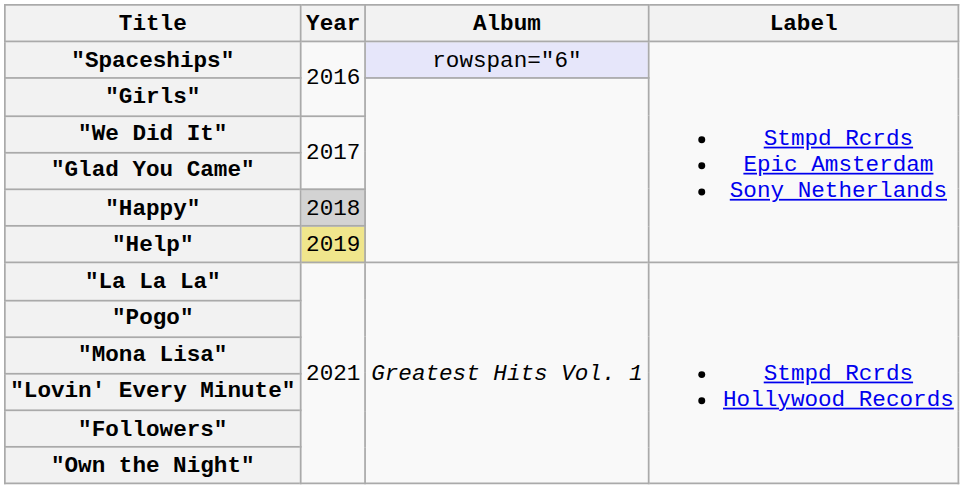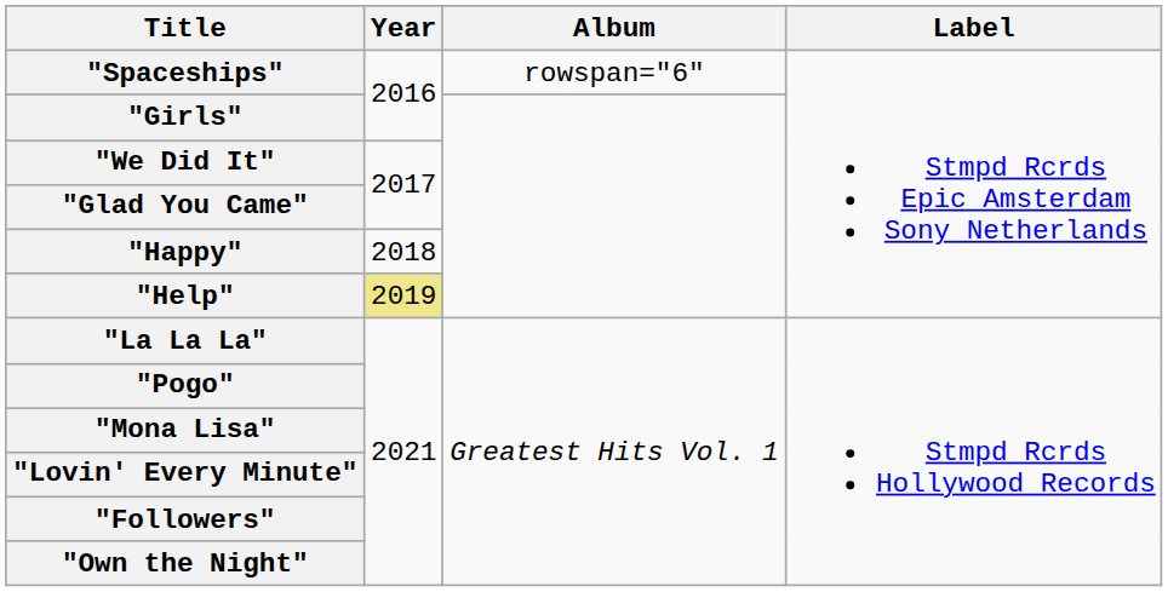 <table class="wikitable plainrowheaders" style="text-align:center;">
 <tr>
 <th scope="col">Title</th>
 <th scope="col">Year</th>
 <th scope="col">Album</th>
 <th>Label</th>
 </tr>
 <tr>
 <th scope="row">"Spaceships"</th>
 <td rowspan="2">2016</td>
-<td style="background: lavender;">rowspan="6" </td>
+<td>rowspan="6" </td>
 <td rowspan="6"><br><ul><li><a href='#'>Stmpd Rcrds</a></li><li><a href='#'>Epic Amsterdam</a></li><li><a href='#'>Sony Netherlands</a></li></ul></td>
 </tr>
 <tr>
 <th scope="row">"Girls"</th>
 </tr>
 <tr>
 <th scope="row">"We Did It"</th>
 <td rowspan="2">2017</td>
 </tr>
 <tr>
 <th scope="row">"Glad You Came"</th>
 </tr>
 <tr>
 <th scope="row">"Happy"</th>
-<td style="background: lightgrey;">2018</td>
+<td>2018</td>
 </tr>
 <tr>
 <th scope="row">"Help"</th>
 <td style="background: khaki;">2019</td>
 </tr>
 <tr>
 <th scope="row">"La La La"</th>
 <td rowspan="6">2021</td>
 <td rowspan="6"><em>Greatest Hits Vol. 1</em></td>
 <td rowspan="6"><br><ul><li><a href='#'>Stmpd Rcrds</a></li><li><a href='#'>Hollywood Records</a></li></ul></td>
 </tr>
 <tr>
 <th scope="row">"Pogo"</th>
 </tr>
 <tr>
 <th scope="row">"Mona Lisa"</th>
 </tr>
 <tr>
 <th scope="row">"Lovin' Every Minute"</th>
 </tr>
 <tr>
 <th scope="row">"Followers"</th>
 </tr>
 <tr>
 <th scope="row">"Own the Night"</th>
 </tr>
 </table>
